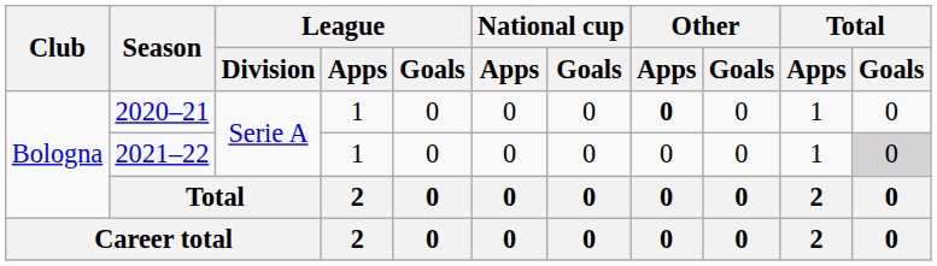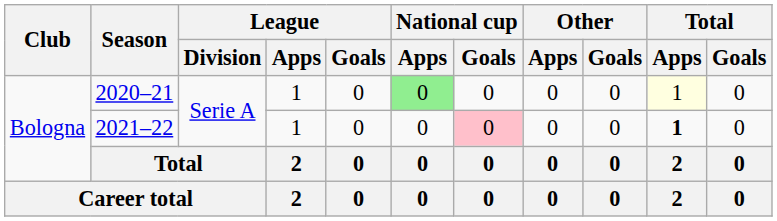 <table class="wikitable" style="text-align:center">
 <tr>
 <th rowspan="2">Club</th>
 <th rowspan="2">Season</th>
 <th colspan="3">League</th>
 <th colspan="2">National cup</th>
 <th colspan="2">Other</th>
 <th colspan="2">Total</th>
 </tr>
 <tr>
 <th>Division</th>
 <th>Apps</th>
 <th>Goals</th>
 <th>Apps</th>
 <th>Goals</th>
 <th>Apps</th>
 <th>Goals</th>
 <th>Apps</th>
 <th>Goals</th>
 </tr>
 <tr>
 <td rowspan="3"><a href='#'>Bologna</a></td>
 <td><a href='#'>2020–21</a></td>
 <td rowspan="2"><a href='#'>Serie A</a></td>
 <td>1</td>
 <td>0</td>
+<td style="background: lightgreen;">0</td>
 <td>0</td>
 <td>0</td>
-<td><strong>0</strong></td>
 <td>0</td>
-<td>1</td>
+<td style="background: lightyellow;">1</td>
 <td>0</td>
 </tr>
 <tr>
 <td><a href='#'>2021–22</a></td>
 <td>1</td>
 <td>0</td>
 <td>0</td>
+<td style="background: pink;">0</td>
 <td>0</td>
 <td>0</td>
+<td><strong>1</strong></td>
 <td>0</td>
-<td>1</td>
-<td style="background: lightgrey;">0</td>
 </tr>
 <tr>
 <th colspan="2">Total</th>
 <th>2</th>
 <th>0</th>
 <th>0</th>
 <th>0</th>
 <th>0</th>
 <th>0</th>
 <th>2</th>
 <th>0</th>
 </tr>
 <tr>
 <th colspan="3">Career total</th>
 <th>2</th>
 <th>0</th>
 <th>0</th>
 <th>0</th>
 <th>0</th>
 <th>0</th>
 <th>2</th>
 <th>0</th>
 </tr>
 </table>
